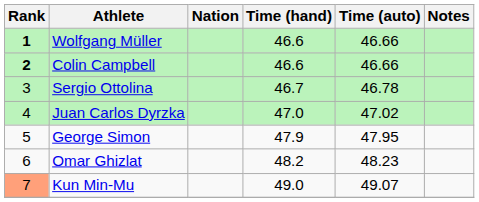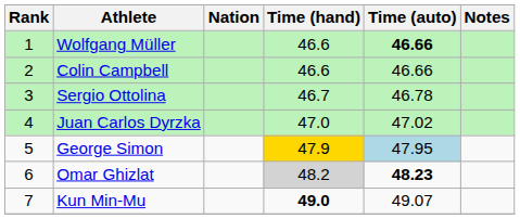 <table class="wikitable sortable" style="text-align:center">
 <tr>
 <th>Rank</th>
 <th>Athlete</th>
 <th>Nation</th>
 <th>Time (hand)</th>
 <th>Time (auto)</th>
 <th>Notes</th>
 </tr>
 <tr bgcolor=bbf3bb>
-<td><strong>1</strong></td>
+<td>1</td>
 <td align=left><a href='#'>Wolfgang Müller</a></td>
 <td align=left></td>
 <td>46.6</td>
-<td>46.66</td>
+<td><strong>46.66</strong></td>
 <td></td>
 </tr>
 <tr bgcolor=bbf3bb>
-<td><strong>2</strong></td>
+<td>2</td>
 <td align=left><a href='#'>Colin Campbell</a></td>
 <td align=left></td>
 <td>46.6</td>
 <td>46.66</td>
 <td></td>
 </tr>
 <tr bgcolor=bbf3bb>
 <td>3</td>
 <td align=left><a href='#'>Sergio Ottolina</a></td>
 <td align=left></td>
 <td>46.7</td>
 <td>46.78</td>
 <td></td>
 </tr>
 <tr bgcolor=bbf3bb>
 <td>4</td>
 <td align=left><a href='#'>Juan Carlos Dyrzka</a></td>
 <td align=left></td>
 <td>47.0</td>
 <td>47.02</td>
 <td></td>
 </tr>
 <tr>
 <td>5</td>
 <td align=left><a href='#'>George Simon</a></td>
 <td align=left></td>
-<td>47.9</td>
-<td>47.95</td>
+<td style="background: gold;">47.9</td>
+<td style="background: lightblue;">47.95</td>
 <td></td>
 </tr>
 <tr>
 <td>6</td>
 <td align=left><a href='#'>Omar Ghizlat</a></td>
 <td align=left></td>
-<td>48.2</td>
-<td>48.23</td>
+<td style="background: lightgrey;">48.2</td>
+<td><strong>48.23</strong></td>
 <td></td>
 </tr>
 <tr>
-<td style="background: lightsalmon;">7</td>
+<td>7</td>
 <td align=left><a href='#'>Kun Min-Mu</a></td>
 <td align=left></td>
-<td>49.0</td>
+<td><strong>49.0</strong></td>
 <td>49.07</td>
 <td></td>
 </tr>
 <tr>
 </tr>
 </table>
